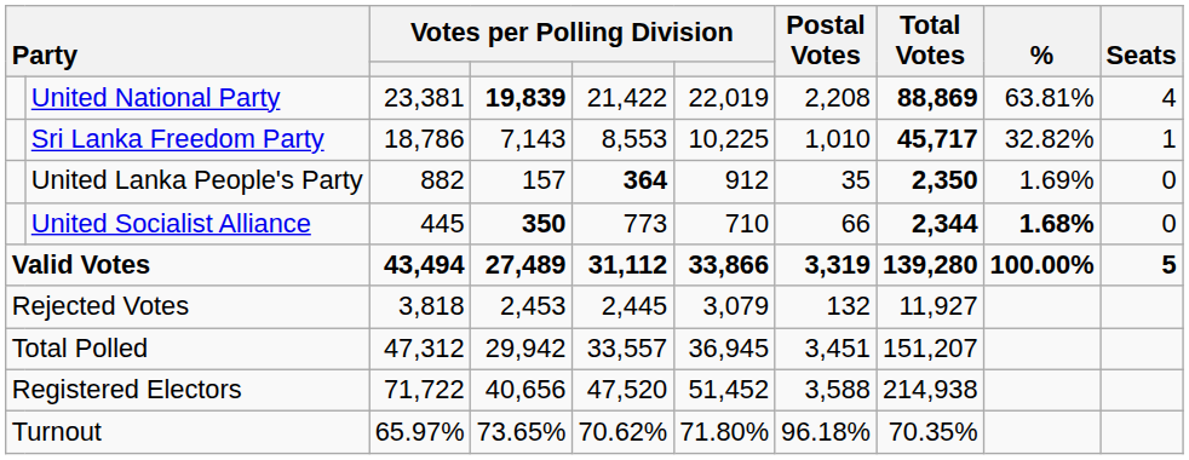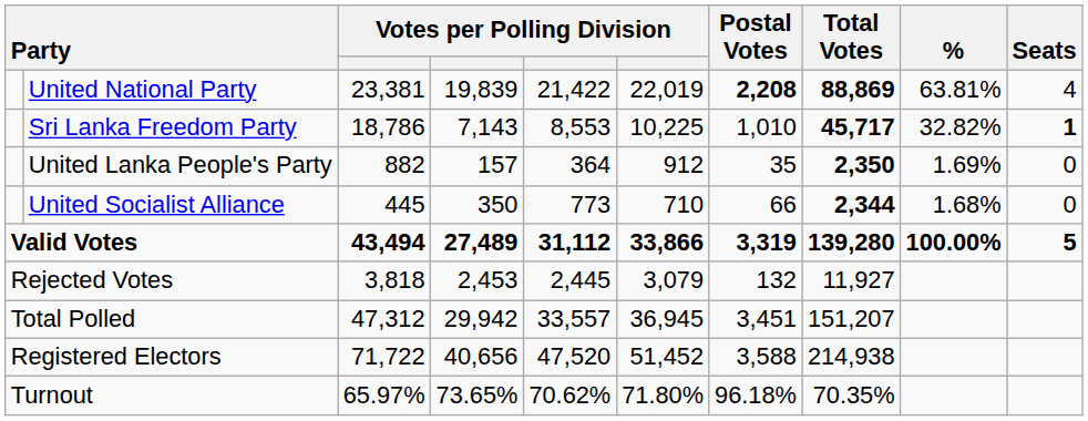 <table class="wikitable" border="1" style="text-align:right;">
 <tr>
 <th style="text-align:left; vertical-align:bottom;" rowspan="2" colspan="2">Party</th>
 <th colspan=4>Votes per Polling Division</th>
 <th rowspan="2" style="vertical-align:bottom; text-align:center; width:50px;">Postal<br>Votes</th>
 <th rowspan="2" style="vertical-align:bottom; text-align:center; width:50px;">Total Votes</th>
 <th rowspan="2" style="vertical-align:bottom; text-align:center; width:50px;">%</th>
 <th rowspan="2" style="vertical-align:bottom; text-align:center; width:40px;">Seats</th>
 </tr>
 <tr>
 <th></th>
 <th></th>
 <th></th>
 <th></th>
 </tr>
 <tr>
 <td bgcolor=> </td>
 <td align=left><a href='#'>United National Party</a></td>
 <td>23,381</td>
-<td><strong>19,839</strong></td>
+<td>19,839</td>
 <td>21,422</td>
 <td>22,019</td>
-<td>2,208</td>
+<td><strong>2,208</strong></td>
 <td><strong>88,869</strong></td>
 <td>63.81%</td>
 <td>4</td>
 </tr>
 <tr>
 <td bgcolor=> </td>
 <td align=left><a href='#'>Sri Lanka Freedom Party</a></td>
 <td>18,786</td>
 <td>7,143</td>
 <td>8,553</td>
 <td>10,225</td>
 <td>1,010</td>
 <td><strong>45,717</strong></td>
 <td>32.82%</td>
-<td>1</td>
+<td><strong>1</strong></td>
 </tr>
 <tr>
 <td bgcolor=> </td>
 <td align=left>United Lanka People's Party</td>
 <td>882</td>
 <td>157</td>
-<td><strong>364</strong></td>
+<td>364</td>
 <td>912</td>
 <td>35</td>
 <td><strong>2,350</strong></td>
 <td>1.69%</td>
 <td>0</td>
 </tr>
 <tr>
 <td bgcolor=> </td>
 <td align=left><a href='#'>United Socialist Alliance</a></td>
 <td>445</td>
-<td><strong>350</strong></td>
+<td>350</td>
 <td>773</td>
 <td>710</td>
 <td>66</td>
 <td><strong>2,344</strong></td>
-<td><strong>1.68%</strong></td>
+<td>1.68%</td>
 <td>0</td>
 </tr>
 <tr>
 <td align=left colspan=2><strong>Valid Votes</strong></td>
 <td><strong>43,494</strong></td>
 <td><strong>27,489</strong></td>
 <td><strong>31,112</strong></td>
 <td><strong>33,866</strong></td>
 <td><strong>3,319</strong></td>
 <td><strong>139,280</strong></td>
 <td><strong>100.00%</strong></td>
 <td><strong>5</strong></td>
 </tr>
 <tr>
 <td align=left colspan=2>Rejected Votes</td>
 <td>3,818</td>
 <td>2,453</td>
 <td>2,445</td>
 <td>3,079</td>
 <td>132</td>
 <td>11,927</td>
 <td></td>
 <td></td>
 </tr>
 <tr>
 <td align=left colspan=2>Total Polled</td>
 <td>47,312</td>
 <td>29,942</td>
 <td>33,557</td>
 <td>36,945</td>
 <td>3,451</td>
 <td>151,207</td>
 <td></td>
 <td></td>
 </tr>
 <tr>
 <td align=left colspan=2>Registered Electors</td>
 <td>71,722</td>
 <td>40,656</td>
 <td>47,520</td>
 <td>51,452</td>
 <td>3,588</td>
 <td>214,938</td>
 <td></td>
 <td></td>
 </tr>
 <tr>
 <td align=left colspan=2>Turnout</td>
 <td>65.97%</td>
 <td>73.65%</td>
 <td>70.62%</td>
 <td>71.80%</td>
 <td>96.18%</td>
 <td>70.35%</td>
 <td></td>
 <td></td>
 </tr>
 </table>
